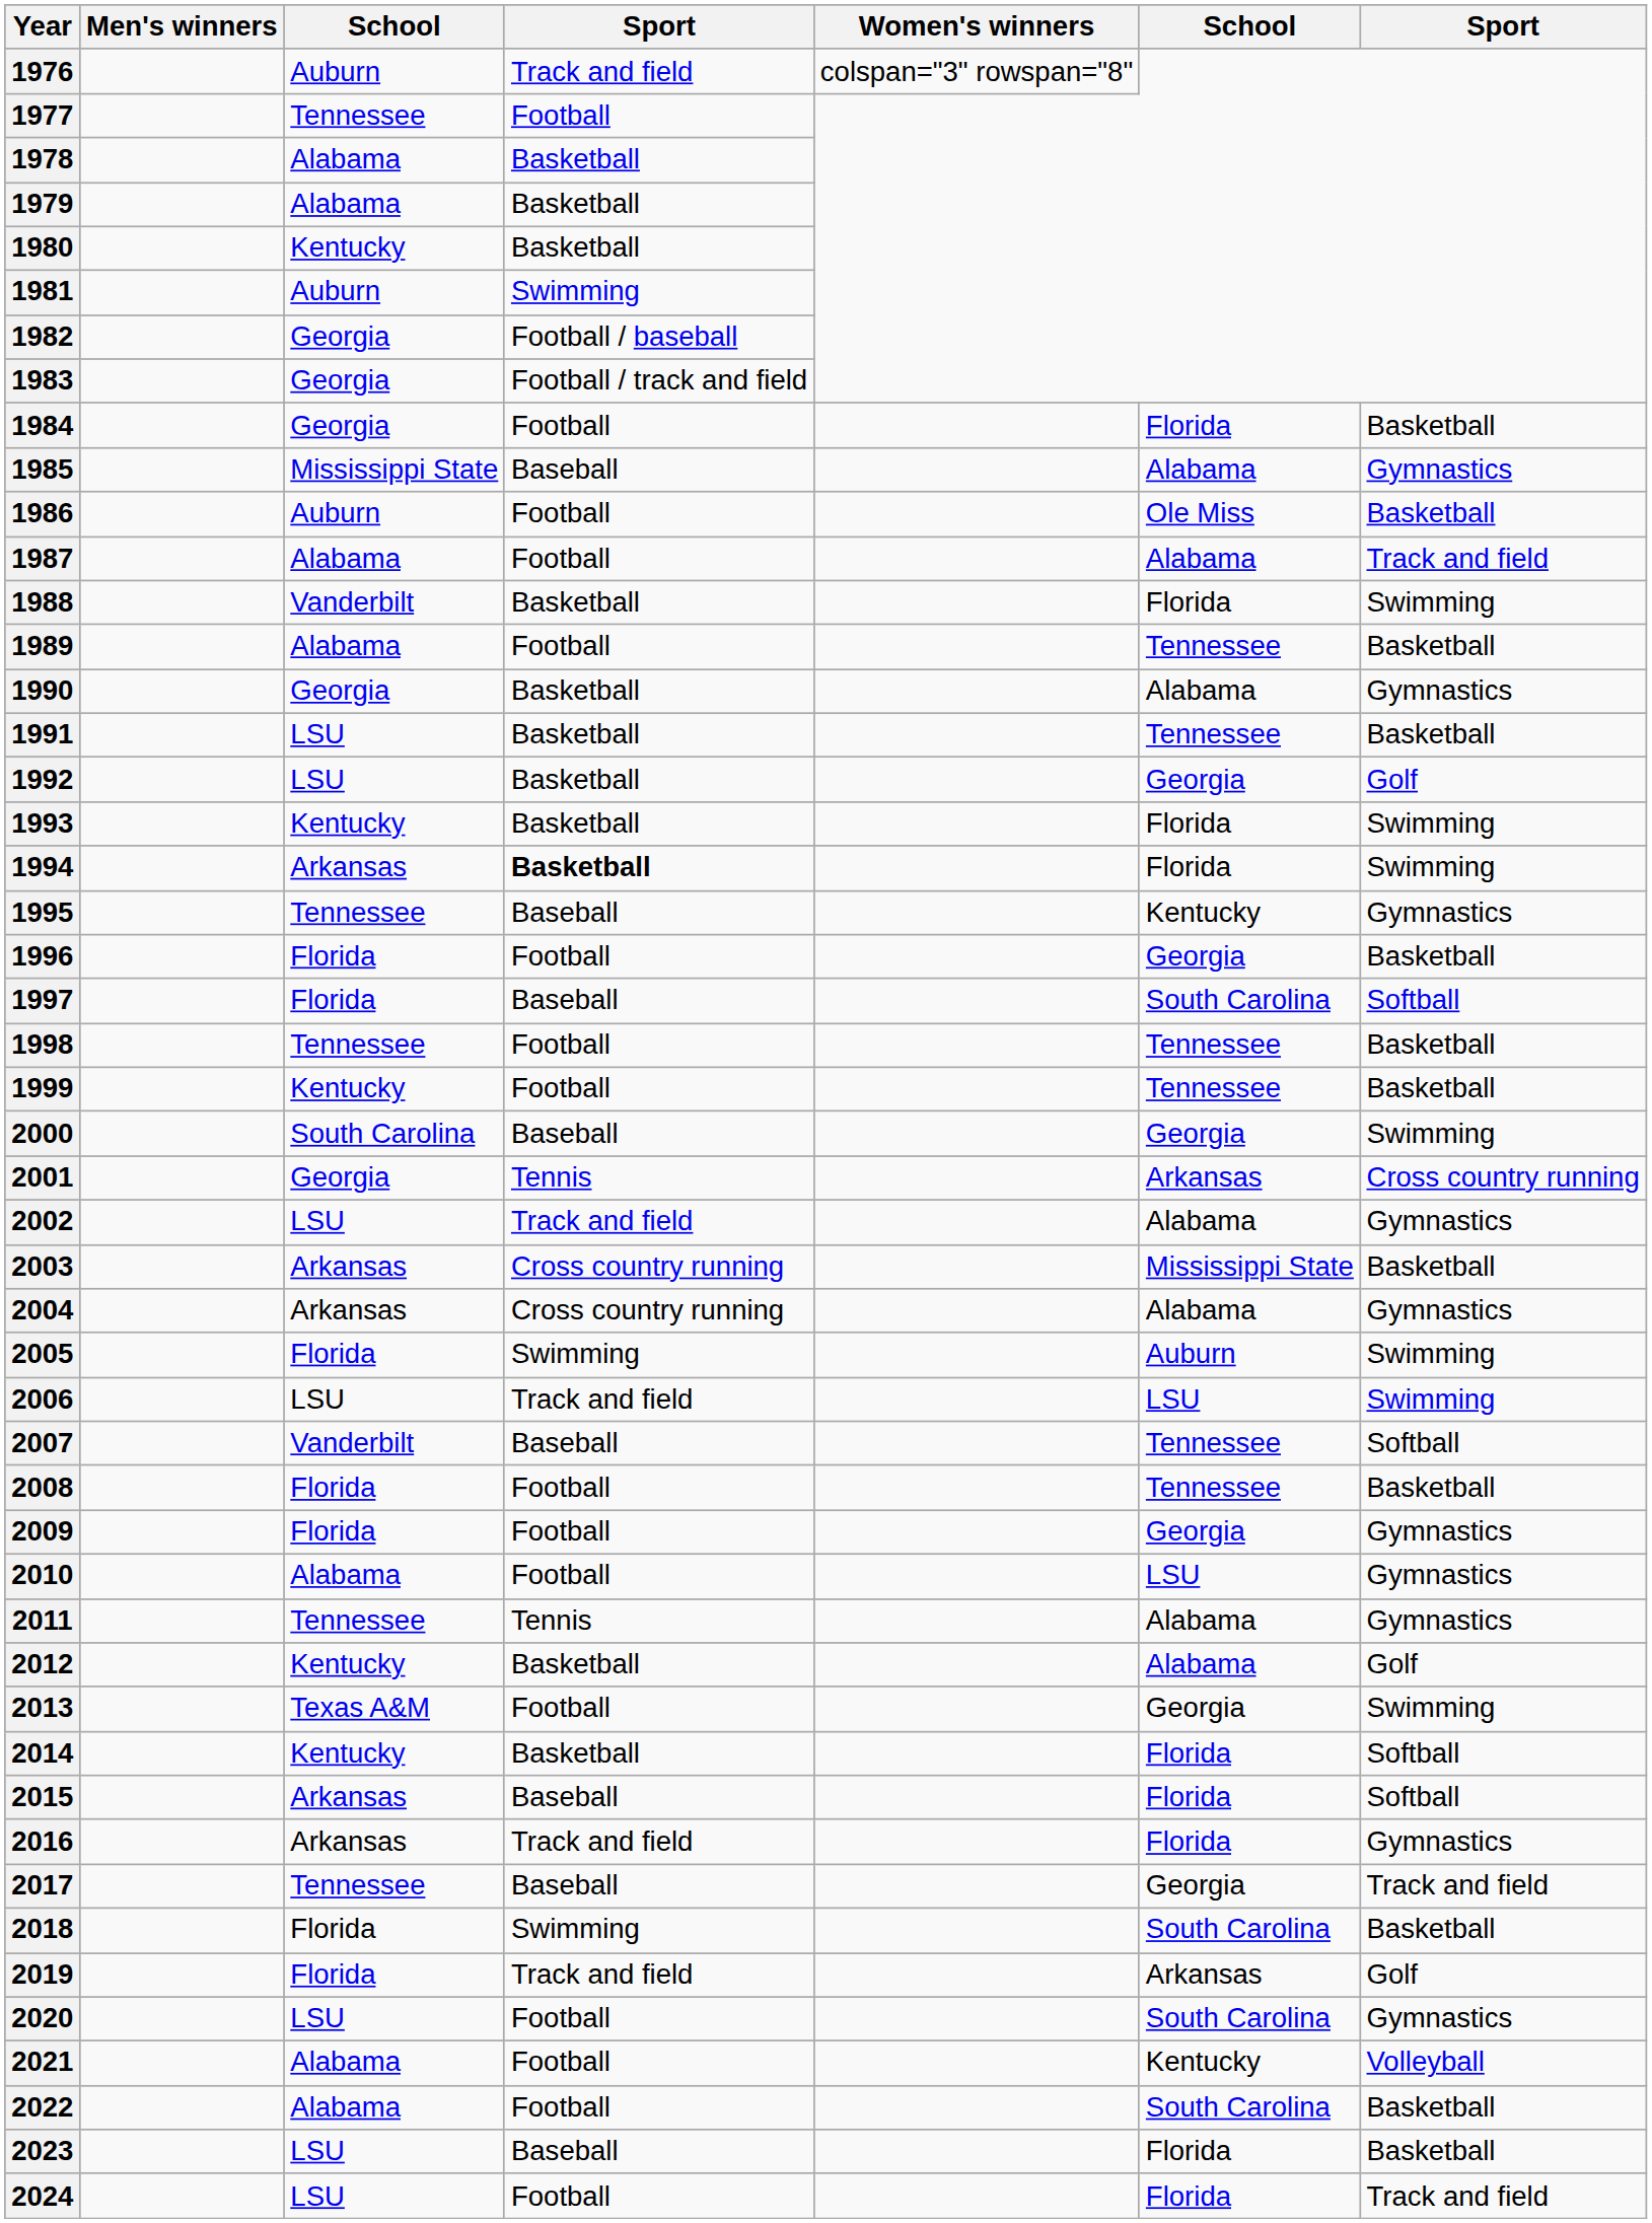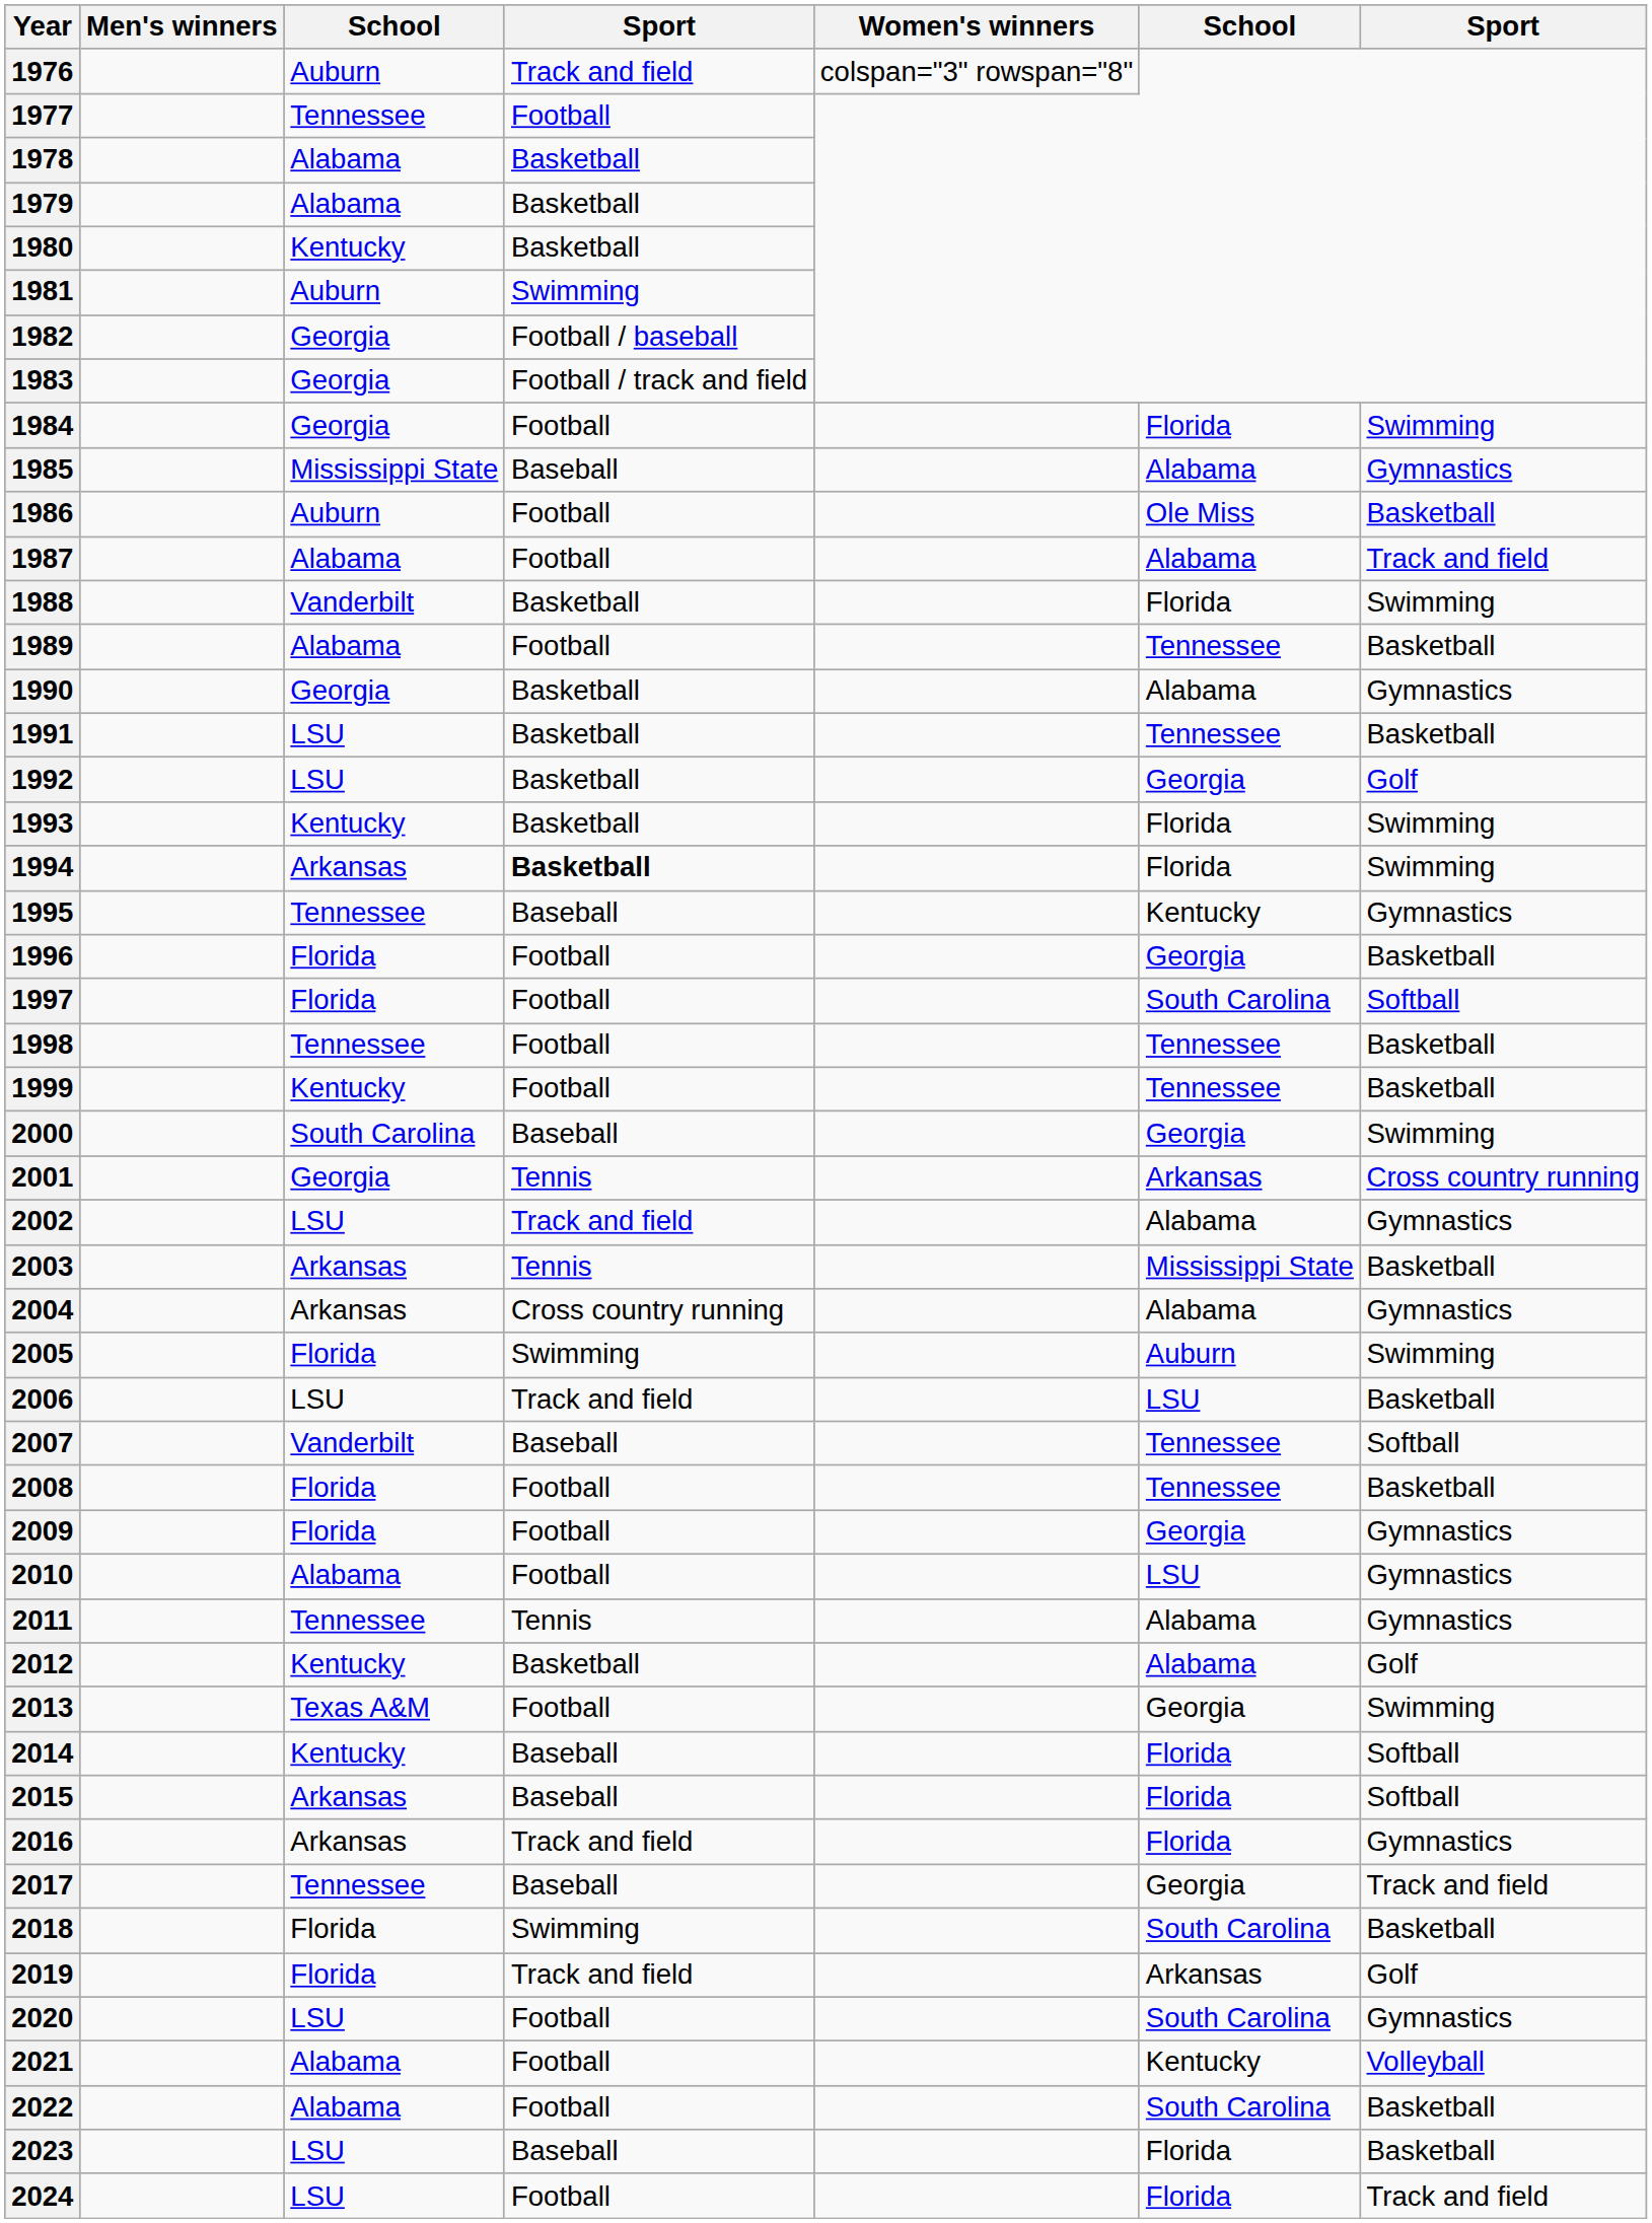 <table class="wikitable sortable">
 <tr>
 <th>Year</th>
 <th>Men's winners</th>
 <th>School</th>
 <th>Sport</th>
 <th>Women's winners</th>
 <th>School</th>
 <th>Sport</th>
 </tr>
 <tr>
 <th>1976</th>
 <td></td>
 <td><a href='#'>Auburn</a></td>
 <td><a href='#'>Track and field</a></td>
 <td>colspan="3" rowspan="8" </td>
 </tr>
 <tr>
 <th>1977</th>
 <td></td>
 <td><a href='#'>Tennessee</a></td>
 <td><a href='#'>Football</a></td>
 </tr>
 <tr>
 <th>1978</th>
 <td></td>
 <td><a href='#'>Alabama</a></td>
 <td><a href='#'>Basketball</a></td>
 </tr>
 <tr>
 <th>1979</th>
 <td></td>
 <td><a href='#'>Alabama</a></td>
 <td>Basketball</td>
 </tr>
 <tr>
 <th>1980</th>
 <td></td>
 <td><a href='#'>Kentucky</a></td>
 <td>Basketball</td>
 </tr>
 <tr>
 <th>1981</th>
 <td></td>
 <td><a href='#'>Auburn</a></td>
 <td><a href='#'>Swimming</a></td>
 </tr>
 <tr>
 <th>1982</th>
 <td></td>
 <td><a href='#'>Georgia</a></td>
 <td>Football / <a href='#'>baseball</a></td>
 </tr>
 <tr>
 <th>1983</th>
 <td></td>
 <td><a href='#'>Georgia</a></td>
 <td>Football / track and field</td>
 </tr>
 <tr>
 <th>1984</th>
 <td></td>
 <td><a href='#'>Georgia</a></td>
 <td>Football</td>
 <td></td>
 <td><a href='#'>Florida</a></td>
-<td>Basketball</td>
+<td><a href='#'>Swimming</a></td>
 </tr>
 <tr>
 <th>1985</th>
 <td></td>
 <td><a href='#'>Mississippi State</a></td>
 <td>Baseball</td>
 <td></td>
 <td><a href='#'>Alabama</a></td>
 <td><a href='#'>Gymnastics</a></td>
 </tr>
 <tr>
 <th>1986</th>
 <td></td>
 <td><a href='#'>Auburn</a></td>
 <td>Football</td>
 <td></td>
 <td><a href='#'>Ole Miss</a></td>
 <td><a href='#'>Basketball</a></td>
 </tr>
 <tr>
 <th>1987</th>
 <td></td>
 <td><a href='#'>Alabama</a></td>
 <td>Football</td>
 <td></td>
 <td><a href='#'>Alabama</a></td>
 <td><a href='#'>Track and field</a></td>
 </tr>
 <tr>
 <th>1988</th>
 <td></td>
 <td><a href='#'>Vanderbilt</a></td>
 <td>Basketball</td>
 <td></td>
 <td>Florida</td>
 <td>Swimming</td>
 </tr>
 <tr>
 <th>1989</th>
 <td></td>
 <td><a href='#'>Alabama</a></td>
 <td>Football</td>
 <td></td>
 <td><a href='#'>Tennessee</a></td>
 <td>Basketball</td>
 </tr>
 <tr>
 <th>1990</th>
 <td></td>
 <td><a href='#'>Georgia</a></td>
 <td>Basketball</td>
 <td></td>
 <td>Alabama</td>
 <td>Gymnastics</td>
 </tr>
 <tr>
 <th>1991</th>
 <td></td>
 <td><a href='#'>LSU</a></td>
 <td>Basketball</td>
 <td></td>
 <td><a href='#'>Tennessee</a></td>
 <td>Basketball</td>
 </tr>
 <tr>
 <th>1992</th>
 <td></td>
 <td><a href='#'>LSU</a></td>
 <td>Basketball</td>
 <td></td>
 <td><a href='#'>Georgia</a></td>
 <td><a href='#'>Golf</a></td>
 </tr>
 <tr>
 <th>1993</th>
 <td></td>
 <td><a href='#'>Kentucky</a></td>
 <td>Basketball</td>
 <td></td>
 <td>Florida</td>
 <td>Swimming</td>
 </tr>
 <tr>
 <th>1994</th>
 <td></td>
 <td><a href='#'>Arkansas</a></td>
 <td><strong>Basketball</strong></td>
 <td></td>
 <td>Florida</td>
 <td>Swimming</td>
 </tr>
 <tr>
 <th>1995</th>
 <td></td>
 <td><a href='#'>Tennessee</a></td>
 <td>Baseball</td>
 <td></td>
 <td>Kentucky</td>
 <td>Gymnastics</td>
 </tr>
 <tr>
 <th>1996</th>
 <td></td>
 <td><a href='#'>Florida</a></td>
 <td>Football</td>
 <td></td>
 <td><a href='#'>Georgia</a></td>
 <td>Basketball</td>
 </tr>
 <tr>
 <th>1997</th>
 <td></td>
 <td><a href='#'>Florida</a></td>
-<td>Baseball</td>
+<td>Football</td>
 <td></td>
 <td><a href='#'>South Carolina</a></td>
 <td><a href='#'>Softball</a></td>
 </tr>
 <tr>
 <th>1998</th>
 <td></td>
 <td><a href='#'>Tennessee</a></td>
 <td>Football</td>
 <td></td>
 <td><a href='#'>Tennessee</a></td>
 <td>Basketball</td>
 </tr>
 <tr>
 <th>1999</th>
 <td></td>
 <td><a href='#'>Kentucky</a></td>
 <td>Football</td>
 <td></td>
 <td><a href='#'>Tennessee</a></td>
 <td>Basketball</td>
 </tr>
 <tr>
 <th>2000</th>
 <td></td>
 <td><a href='#'>South Carolina</a></td>
 <td>Baseball</td>
 <td></td>
 <td><a href='#'>Georgia</a></td>
 <td>Swimming</td>
 </tr>
 <tr>
 <th>2001</th>
 <td></td>
 <td><a href='#'>Georgia</a></td>
 <td><a href='#'>Tennis</a></td>
 <td></td>
 <td><a href='#'>Arkansas</a></td>
 <td><a href='#'>Cross country running</a></td>
 </tr>
 <tr>
 <th>2002</th>
 <td></td>
 <td><a href='#'>LSU</a></td>
 <td><a href='#'>Track and field</a></td>
 <td></td>
 <td>Alabama</td>
 <td>Gymnastics</td>
 </tr>
 <tr>
 <th>2003</th>
 <td></td>
 <td><a href='#'>Arkansas</a></td>
-<td><a href='#'>Cross country running</a></td>
+<td><a href='#'>Tennis</a></td>
 <td></td>
 <td><a href='#'>Mississippi State</a></td>
 <td>Basketball</td>
 </tr>
 <tr>
 <th>2004</th>
 <td></td>
 <td>Arkansas</td>
 <td>Cross country running</td>
 <td></td>
 <td>Alabama</td>
 <td>Gymnastics</td>
 </tr>
 <tr>
 <th>2005</th>
 <td></td>
 <td><a href='#'>Florida</a></td>
 <td>Swimming</td>
 <td></td>
 <td><a href='#'>Auburn</a></td>
 <td>Swimming</td>
 </tr>
 <tr>
 <th>2006</th>
 <td></td>
 <td>LSU</td>
 <td>Track and field</td>
 <td></td>
 <td><a href='#'>LSU</a></td>
-<td><a href='#'>Swimming</a></td>
+<td>Basketball</td>
 </tr>
 <tr>
 <th>2007</th>
 <td></td>
 <td><a href='#'>Vanderbilt</a></td>
 <td>Baseball</td>
 <td></td>
 <td><a href='#'>Tennessee</a></td>
 <td>Softball</td>
 </tr>
 <tr>
 <th>2008</th>
 <td></td>
 <td><a href='#'>Florida</a></td>
 <td>Football</td>
 <td></td>
 <td><a href='#'>Tennessee</a></td>
 <td>Basketball</td>
 </tr>
 <tr>
 <th>2009</th>
 <td></td>
 <td><a href='#'>Florida</a></td>
 <td>Football</td>
 <td></td>
 <td><a href='#'>Georgia</a></td>
 <td>Gymnastics</td>
 </tr>
 <tr>
 <th>2010</th>
 <td></td>
 <td><a href='#'>Alabama</a></td>
 <td>Football</td>
 <td></td>
 <td><a href='#'>LSU</a></td>
 <td>Gymnastics</td>
 </tr>
 <tr>
 <th>2011</th>
 <td></td>
 <td><a href='#'>Tennessee</a></td>
 <td>Tennis</td>
 <td></td>
 <td>Alabama</td>
 <td>Gymnastics</td>
 </tr>
 <tr>
 <th>2012</th>
 <td></td>
 <td><a href='#'>Kentucky</a></td>
 <td>Basketball</td>
 <td></td>
 <td><a href='#'>Alabama</a></td>
 <td>Golf</td>
 </tr>
 <tr>
 <th>2013</th>
 <td></td>
 <td><a href='#'>Texas A&M</a></td>
 <td>Football</td>
 <td></td>
 <td>Georgia</td>
 <td>Swimming</td>
 </tr>
 <tr>
 <th>2014</th>
 <td></td>
 <td><a href='#'>Kentucky</a></td>
-<td>Basketball</td>
+<td>Baseball</td>
 <td></td>
 <td><a href='#'>Florida</a></td>
 <td>Softball</td>
 </tr>
 <tr>
 <th>2015</th>
 <td></td>
 <td><a href='#'>Arkansas</a></td>
 <td>Baseball</td>
 <td></td>
 <td><a href='#'>Florida</a></td>
 <td>Softball</td>
 </tr>
 <tr>
 <th>2016</th>
 <td></td>
 <td>Arkansas</td>
 <td>Track and field</td>
 <td></td>
 <td><a href='#'>Florida</a></td>
 <td>Gymnastics</td>
 </tr>
 <tr>
 <th>2017</th>
 <td></td>
 <td><a href='#'>Tennessee</a></td>
 <td>Baseball</td>
 <td></td>
 <td>Georgia</td>
 <td>Track and field</td>
 </tr>
 <tr>
 <th>2018</th>
 <td></td>
 <td>Florida</td>
 <td>Swimming</td>
 <td></td>
 <td><a href='#'>South Carolina</a></td>
 <td>Basketball</td>
 </tr>
 <tr>
 <th>2019</th>
 <td></td>
 <td><a href='#'>Florida</a></td>
 <td>Track and field</td>
 <td></td>
 <td>Arkansas</td>
 <td>Golf</td>
 </tr>
 <tr>
 <th>2020</th>
 <td></td>
 <td><a href='#'>LSU</a></td>
 <td>Football</td>
 <td></td>
 <td><a href='#'>South Carolina</a></td>
 <td>Gymnastics</td>
 </tr>
 <tr>
 <th>2021</th>
 <td></td>
 <td><a href='#'>Alabama</a></td>
 <td>Football</td>
 <td></td>
 <td>Kentucky</td>
 <td><a href='#'>Volleyball</a></td>
 </tr>
 <tr>
 <th>2022</th>
 <td></td>
 <td><a href='#'>Alabama</a></td>
 <td>Football</td>
 <td></td>
 <td><a href='#'>South Carolina</a></td>
 <td>Basketball</td>
 </tr>
 <tr>
 <th>2023</th>
 <td></td>
 <td><a href='#'>LSU</a></td>
 <td>Baseball</td>
 <td></td>
 <td>Florida</td>
 <td>Basketball</td>
 </tr>
 <tr>
 <th>2024</th>
 <td></td>
 <td><a href='#'>LSU</a></td>
 <td>Football</td>
 <td></td>
 <td><a href='#'>Florida</a></td>
 <td>Track and field</td>
 </tr>
 </table>
